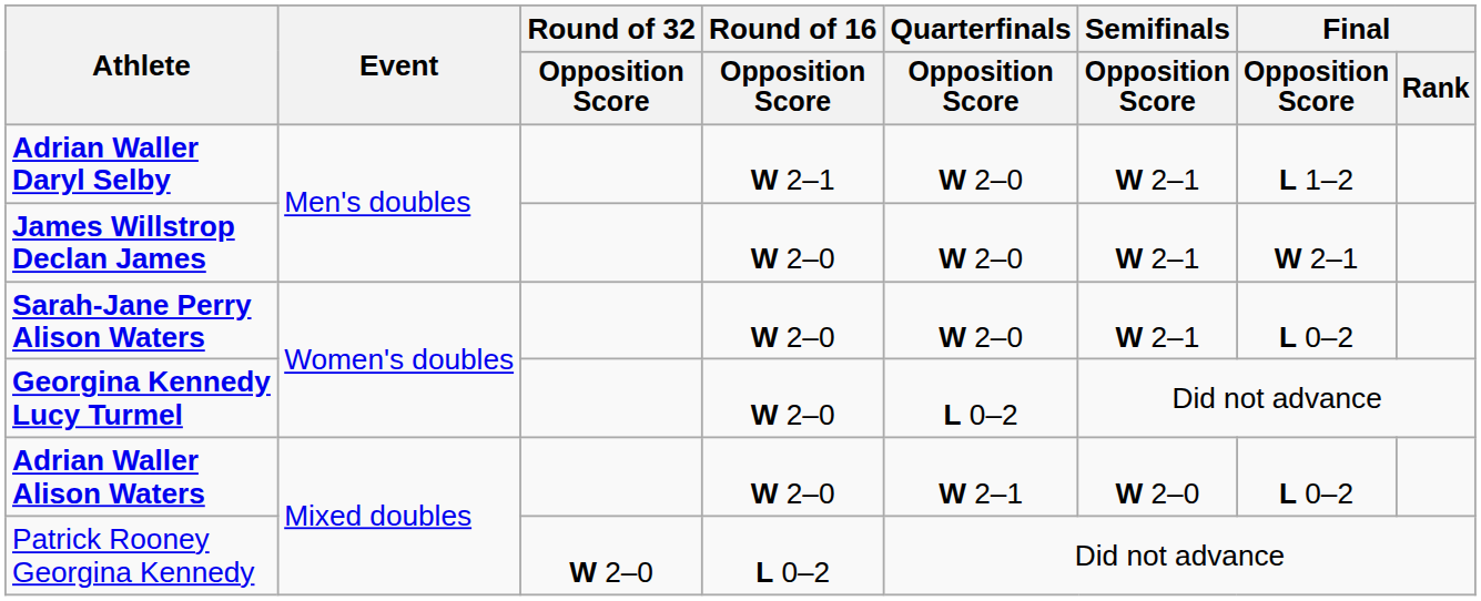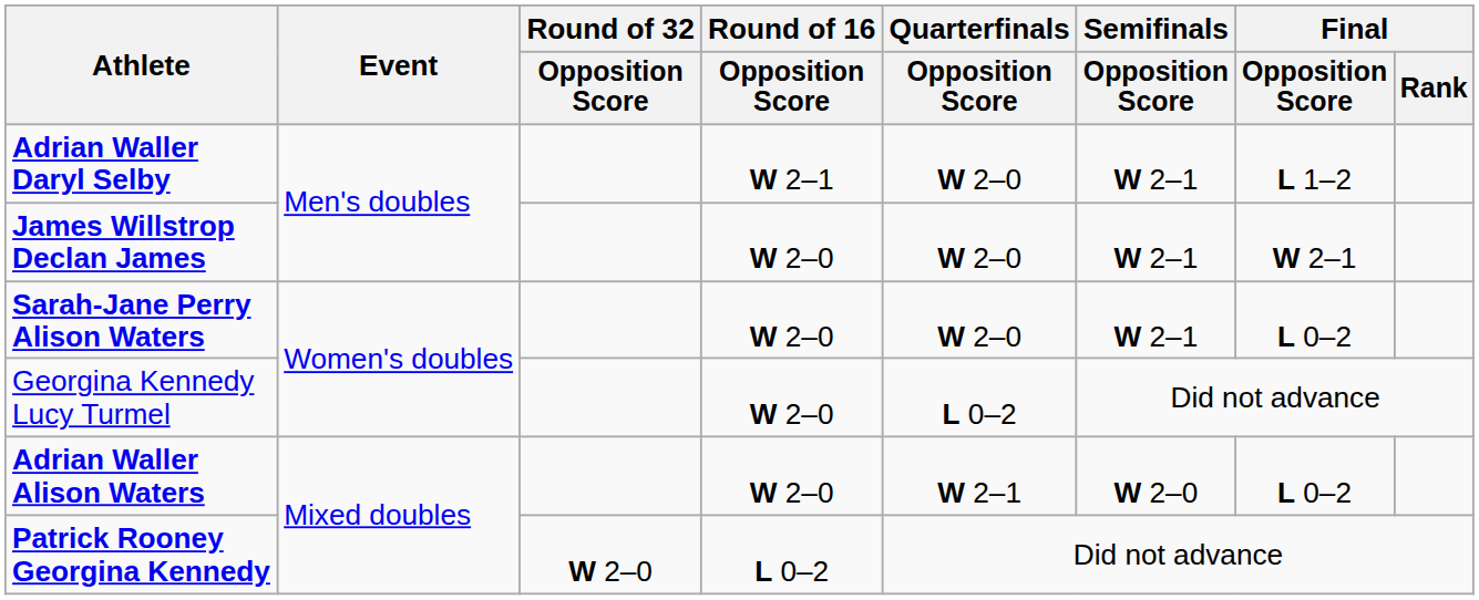 <table class=wikitable style=font-size:90%;text-align:center>
 <tr>
 <th rowspan=2>Athlete</th>
 <th rowspan=2>Event</th>
 <th>Round of 32</th>
 <th>Round of 16</th>
 <th>Quarterfinals</th>
 <th>Semifinals</th>
 <th colspan=2>Final</th>
 </tr>
 <tr style=font-size:95%>
 <th>Opposition<br>Score</th>
 <th>Opposition<br>Score</th>
 <th>Opposition<br>Score</th>
 <th>Opposition<br>Score</th>
 <th>Opposition<br>Score</th>
 <th>Rank</th>
 </tr>
 <tr>
 <td align=left><strong><a href='#'>Adrian Waller</a></strong> <br> <strong><a href='#'>Daryl Selby</a></strong></td>
 <td align=left rowspan=2><a href='#'>Men's doubles</a></td>
 <td></td>
 <td><br><strong>W</strong> 2–1</td>
 <td><br><strong>W</strong> 2–0</td>
 <td><br><strong>W</strong> 2–1</td>
 <td><br><strong>L</strong> 1–2</td>
 <td></td>
 </tr>
 <tr>
 <td align=left><strong><a href='#'>James Willstrop</a></strong> <br> <strong><a href='#'>Declan James</a></strong></td>
 <td></td>
 <td><br><strong>W</strong> 2–0</td>
 <td><br><strong>W</strong> 2–0</td>
 <td><br><strong>W</strong> 2–1</td>
 <td><br><strong>W</strong> 2–1</td>
 <td></td>
 </tr>
 <tr>
 <td align=left><strong><a href='#'>Sarah-Jane Perry</a></strong> <br> <strong><a href='#'>Alison Waters</a></strong></td>
 <td align=left rowspan=2><a href='#'>Women's doubles</a></td>
 <td></td>
 <td><br><strong>W</strong> 2–0</td>
 <td><br><strong>W</strong> 2–0</td>
 <td><br><strong>W</strong> 2–1</td>
 <td><br><strong>L</strong> 0–2</td>
 <td></td>
 </tr>
 <tr>
-<td align=left><strong><a href='#'>Georgina Kennedy</a> <br> <a href='#'>Lucy Turmel</a></strong></td>
+<td align=left><a href='#'>Georgina Kennedy</a> <br> <a href='#'>Lucy Turmel</a></td>
 <td></td>
 <td><br><strong>W</strong> 2–0</td>
 <td><br><strong>L</strong> 0–2</td>
 <td colspan=3>Did not advance</td>
 </tr>
 <tr>
 <td align=left><strong><a href='#'>Adrian Waller</a></strong> <br> <strong><a href='#'>Alison Waters</a></strong></td>
 <td align=left rowspan=2><a href='#'>Mixed doubles</a></td>
 <td></td>
 <td><br><strong>W</strong> 2–0</td>
 <td><br><strong>W</strong> 2–1</td>
 <td><br><strong>W</strong> 2–0</td>
 <td><br><strong>L</strong> 0–2</td>
 <td></td>
 </tr>
 <tr>
-<td align=left><a href='#'>Patrick Rooney</a> <br> <a href='#'>Georgina Kennedy</a></td>
+<td align=left><strong><a href='#'>Patrick Rooney</a> <br> <a href='#'>Georgina Kennedy</a></strong></td>
 <td><br><strong>W</strong> 2–0</td>
 <td><br><strong>L</strong> 0–2</td>
 <td colspan=4>Did not advance</td>
 </tr>
 </table>
